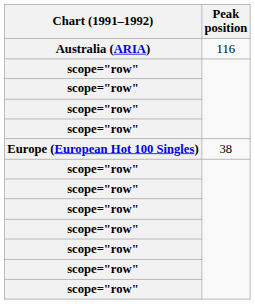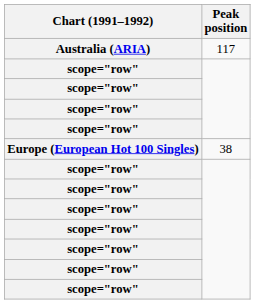 <table class="wikitable plainrowheaders sortable" style="text-align:center">
 <tr>
 <th>Chart (1991–1992)</th>
 <th>Peak<br>position</th>
 </tr>
 <tr>
 <th scope="row">Australia (<a href='#'>ARIA</a>)</th>
-<td>116</td>
+<td>117</td>
 </tr>
 <tr>
 <th>scope="row" </th>
 </tr>
 <tr>
 <th>scope="row" </th>
 </tr>
 <tr>
 <th>scope="row" </th>
 </tr>
 <tr>
 <th>scope="row" </th>
 </tr>
 <tr>
 <th scope="row">Europe (<a href='#'>European Hot 100 Singles</a>)</th>
 <td>38</td>
 </tr>
 <tr>
 <th>scope="row" </th>
 </tr>
 <tr>
 <th>scope="row" </th>
 </tr>
 <tr>
 <th>scope="row" </th>
 </tr>
 <tr>
 <th>scope="row" </th>
 </tr>
 <tr>
 <th>scope="row" </th>
 </tr>
 <tr>
 <th>scope="row" </th>
 </tr>
 <tr>
 <th>scope="row" </th>
 </tr>
 </table>
